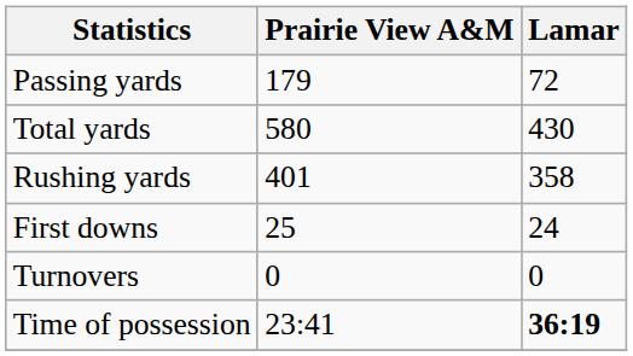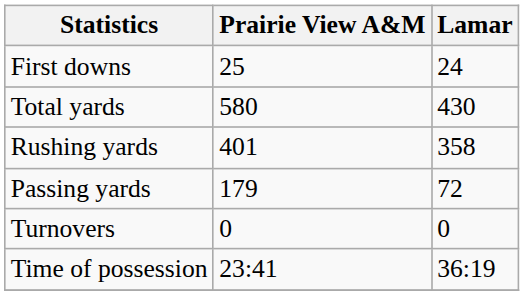 <table class="wikitable" style="float: left;">
 <tr>
 <th>Statistics</th>
 <th><strong>Prairie View A&M</strong></th>
 <th><strong>Lamar</strong></th>
 </tr>
 <tr>
-<td>Passing yards</td>
-<td>179</td>
-<td>72</td>
+<td>First downs</td>
+<td>25</td>
+<td>24</td>
 </tr>
 <tr>
 <td>Total yards</td>
 <td>580</td>
 <td>430</td>
 </tr>
 <tr>
 <td>Rushing yards</td>
 <td>401</td>
 <td>358</td>
 </tr>
 <tr>
-<td>First downs</td>
-<td>25</td>
-<td>24</td>
+<td>Passing yards</td>
+<td>179</td>
+<td>72</td>
 </tr>
 <tr>
 <td>Turnovers</td>
 <td>0</td>
 <td>0</td>
 </tr>
 <tr>
 <td>Time of possession</td>
 <td>23:41</td>
-<td><strong>36:19</strong></td>
+<td>36:19</td>
 </tr>
 <tr>
 </tr>
 </table>
